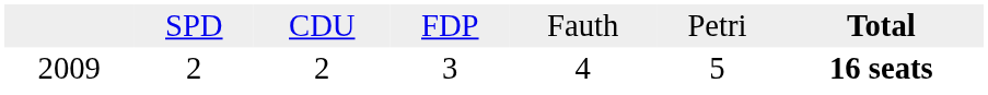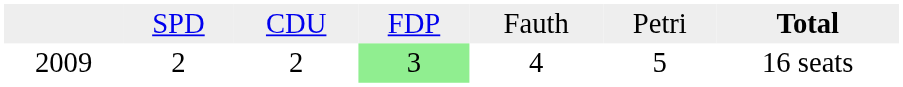 <table border="0" cellpadding="2" cellspacing="0" width="500">
 <tr bgcolor="#eeeeee" align="center">
 <td></td>
 <td><a href='#'>SPD</a></td>
 <td><a href='#'>CDU</a></td>
 <td><a href='#'>FDP</a></td>
 <td>Fauth</td>
 <td>Petri</td>
 <td><strong>Total</strong></td>
 </tr>
 <tr align="center">
 <td>2009</td>
 <td>2</td>
 <td>2</td>
-<td>3</td>
+<td style="background: lightgreen;">3</td>
 <td>4</td>
 <td>5</td>
-<td><strong>16 seats</strong></td>
+<td>16 seats</td>
 </tr>
 </table>
